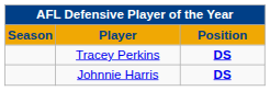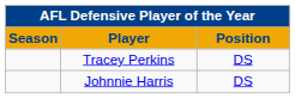 <table class="wikitable sortable" style="text-align:center">
 <tr>
 <td colspan="4" style="background:#003F87; color:#FFFFFF;"><strong>AFL Defensive Player of the Year</strong></td>
 </tr>
 <tr>
 <th style="width:50px; background:#F0A804; color:#003F87;">Season</th>
 <th style="width:150px; background:#F0A804; color:#003F87;">Player</th>
 <th style="width:100px; background:#F0A804; color:#003F87;">Position</th>
 </tr>
 <tr>
 <td></td>
 <td><a href='#'>Tracey Perkins</a></td>
-<td><strong><a href='#'>DS</a></strong></td>
+<td><a href='#'>DS</a></td>
 </tr>
 <tr>
 <td></td>
 <td><a href='#'>Johnnie Harris</a></td>
-<td><strong><a href='#'>DS</a></strong></td>
+<td><a href='#'>DS</a></td>
 </tr>
 </table>
